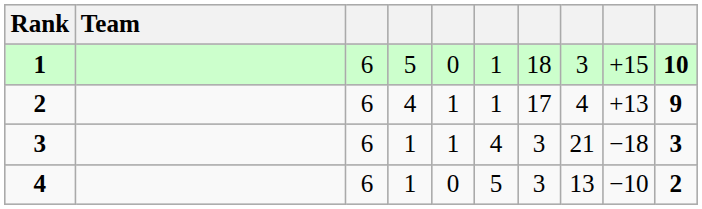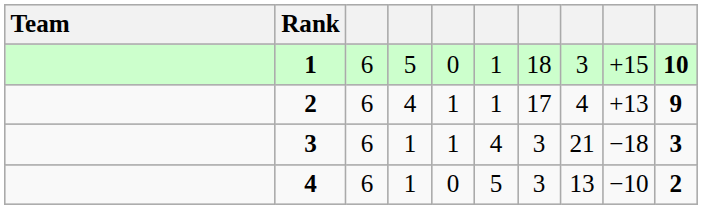 <table class="wikitable" style="text-align: center;">
 <tr>
+<th width=165 style="text-align:left;">Team</th>
 <th width=30>Rank</th>
-<th width=165 style="text-align:left;">Team</th>
 <th width=20></th>
 <th width=20></th>
 <th width=20></th>
 <th width=20></th>
 <th width=20></th>
 <th width=20></th>
 <th width=20></th>
 <th width=20></th>
 </tr>
 <tr style="background:#ccffcc;">
+<td style="text-align:left;"></td>
 <td><strong>1</strong></td>
-<td style="text-align:left;"></td>
 <td>6</td>
 <td>5</td>
 <td>0</td>
 <td>1</td>
 <td>18</td>
 <td>3</td>
 <td>+15</td>
 <td><strong>10</strong></td>
 </tr>
 <tr>
+<td style="text-align:left;"></td>
 <td><strong>2</strong></td>
-<td style="text-align:left;"></td>
 <td>6</td>
 <td>4</td>
 <td>1</td>
 <td>1</td>
 <td>17</td>
 <td>4</td>
 <td>+13</td>
 <td><strong>9</strong></td>
 </tr>
 <tr>
+<td style="text-align:left;"></td>
 <td><strong>3</strong></td>
-<td style="text-align:left;"></td>
 <td>6</td>
 <td>1</td>
 <td>1</td>
 <td>4</td>
 <td>3</td>
 <td>21</td>
 <td>−18</td>
 <td><strong>3</strong></td>
 </tr>
 <tr>
+<td style="text-align:left;"></td>
 <td><strong>4</strong></td>
-<td style="text-align:left;"></td>
 <td>6</td>
 <td>1</td>
 <td>0</td>
 <td>5</td>
 <td>3</td>
 <td>13</td>
 <td>−10</td>
 <td><strong>2</strong></td>
 </tr>
 </table>
